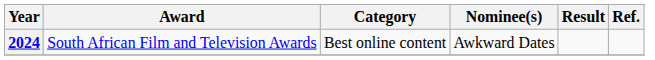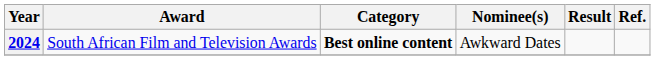 <table class="wikitable sortable">
 <tr>
 <th>Year</th>
 <th>Award</th>
 <th>Category</th>
 <th>Nominee(s)</th>
 <th>Result</th>
 <th><abbr>Ref.</abbr></th>
 </tr>
 <tr>
 <th><a href='#'>2024</a></th>
 <td><a href='#'>South African Film and Television Awards</a></td>
-<td>Best online content</td>
+<td><strong>Best online content</strong></td>
 <td>Awkward Dates</td>
 <td></td>
 <td></td>
 </tr>
 <tr>
 </tr>
 </table>
